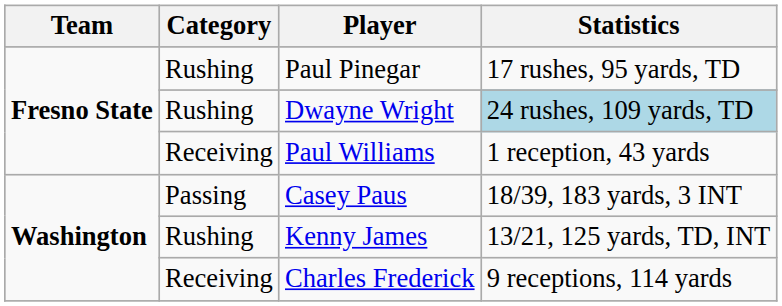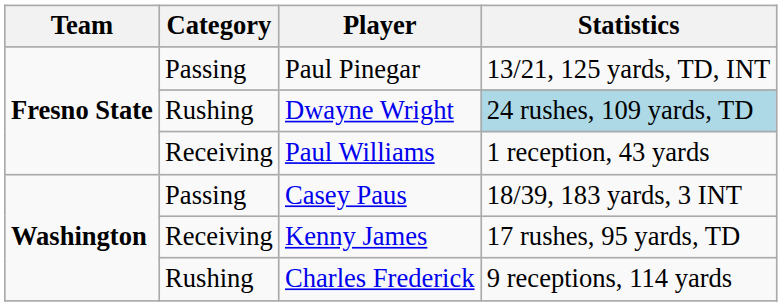 <table class="wikitable" style="float: left;">
 <tr>
 <th>Team</th>
 <th>Category</th>
 <th>Player</th>
 <th>Statistics</th>
 </tr>
 <tr>
 <td rowspan=3><strong>Fresno State</strong></td>
-<td>Rushing</td>
+<td>Passing</td>
 <td>Paul Pinegar</td>
-<td>17 rushes, 95 yards, TD</td>
+<td>13/21, 125 yards, TD, INT</td>
 </tr>
 <tr>
 <td>Rushing</td>
 <td><a href='#'>Dwayne Wright</a></td>
 <td style="background: lightblue;">24 rushes, 109 yards, TD</td>
 </tr>
 <tr>
 <td>Receiving</td>
 <td><a href='#'>Paul Williams</a></td>
 <td>1 reception, 43 yards</td>
 </tr>
 <tr>
 <td rowspan=3><strong>Washington</strong></td>
 <td>Passing</td>
 <td><a href='#'>Casey Paus</a></td>
 <td>18/39, 183 yards, 3 INT</td>
 </tr>
 <tr>
-<td>Rushing</td>
+<td>Receiving</td>
 <td><a href='#'>Kenny James</a></td>
-<td>13/21, 125 yards, TD, INT</td>
+<td>17 rushes, 95 yards, TD</td>
 </tr>
 <tr>
-<td>Receiving</td>
+<td>Rushing</td>
 <td><a href='#'>Charles Frederick</a></td>
 <td>9 receptions, 114 yards</td>
 </tr>
 </table>
